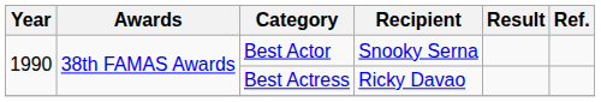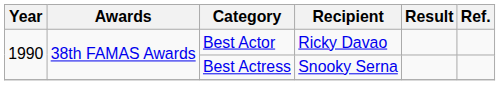 <table class="wikitable">
 <tr>
 <th>Year</th>
 <th>Awards</th>
 <th>Category</th>
 <th>Recipient</th>
 <th>Result</th>
 <th>Ref.</th>
 </tr>
 <tr>
 <td rowspan="2">1990</td>
 <td rowspan="2"><a href='#'>38th FAMAS Awards</a></td>
 <td><a href='#'>Best Actor</a></td>
-<td><a href='#'>Snooky Serna</a></td>
+<td><a href='#'>Ricky Davao</a></td>
 <td></td>
 <td></td>
 </tr>
 <tr>
 <td><a href='#'>Best Actress</a></td>
-<td><a href='#'>Ricky Davao</a></td>
+<td><a href='#'>Snooky Serna</a></td>
 <td></td>
 <td></td>
 </tr>
 <tr>
 </tr>
 </table>
